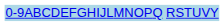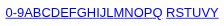 <table id="toc" class="toc" summary="Class">
 <tr>
 <th></th>
 </tr>
 <tr>
-<td style="background: lightblue; text-align:center;"><a href='#'>0-9</a><a href='#'>A</a><a href='#'>B</a><a href='#'>C</a><a href='#'>D</a><a href='#'>E</a><a href='#'>F</a><a href='#'>G</a><a href='#'>H</a><a href='#'>I</a><a href='#'>J</a><a href='#'>L</a><a href='#'>M</a><a href='#'>N</a><a href='#'>O</a><a href='#'>P</a><a href='#'>Q</a> <a href='#'>R</a><a href='#'>S</a><a href='#'>T</a><a href='#'>U</a><a href='#'>V</a><a href='#'>Y</a></td>
+<td style="text-align:center;"><a href='#'>0-9</a><a href='#'>A</a><a href='#'>B</a><a href='#'>C</a><a href='#'>D</a><a href='#'>E</a><a href='#'>F</a><a href='#'>G</a><a href='#'>H</a><a href='#'>I</a><a href='#'>J</a><a href='#'>L</a><a href='#'>M</a><a href='#'>N</a><a href='#'>O</a><a href='#'>P</a><a href='#'>Q</a> <a href='#'>R</a><a href='#'>S</a><a href='#'>T</a><a href='#'>U</a><a href='#'>V</a><a href='#'>Y</a></td>
 </tr>
 </table>
